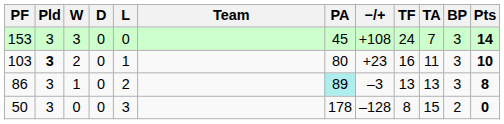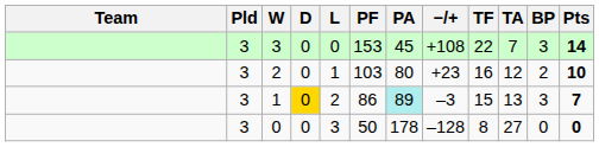 <table class="wikitable" style="text-align:center">
 <tr>
-<th width="20">PF</th>
+<th width="200">Team</th>
 <th width="20">Pld</th>
 <th width="20">W</th>
 <th width="20">D</th>
 <th width="20">L</th>
-<th width="200">Team</th>
+<th width="20">PF</th>
 <th width="20">PA</th>
 <th width="32">−/+</th>
 <th width="20">TF</th>
 <th width="20">TA</th>
 <th width="20">BP</th>
 <th width="20">Pts</th>
 </tr>
 <tr style="background:#ccffcc;">
-<td>153</td>
+<td align=left></td>
 <td>3</td>
 <td>3</td>
 <td>0</td>
 <td>0</td>
-<td align=left></td>
+<td>153</td>
 <td>45</td>
 <td>+108</td>
-<td>24</td>
+<td>22</td>
 <td>7</td>
 <td>3</td>
 <td><strong>14</strong></td>
 </tr>
 <tr>
-<td>103</td>
-<td><strong>3</strong></td>
+<td align="left"></td>
+<td>3</td>
 <td>2</td>
 <td>0</td>
 <td>1</td>
-<td align="left"></td>
+<td>103</td>
 <td>80</td>
 <td>+23</td>
 <td>16</td>
-<td>11</td>
-<td>3</td>
+<td>12</td>
+<td>2</td>
 <td><strong>10</strong></td>
 </tr>
 <tr>
-<td>86</td>
+<td align="left"></td>
 <td>3</td>
 <td>1</td>
-<td>0</td>
+<td style="background: gold;">0</td>
 <td>2</td>
-<td align="left"></td>
+<td>86</td>
 <td style="background: paleturquoise;">89</td>
 <td>–3</td>
-<td>13</td>
+<td>15</td>
 <td>13</td>
 <td>3</td>
-<td><strong>8</strong></td>
+<td><strong>7</strong></td>
 </tr>
 <tr>
-<td>50</td>
+<td align=left></td>
 <td>3</td>
 <td>0</td>
 <td>0</td>
 <td>3</td>
-<td align=left></td>
+<td>50</td>
 <td>178</td>
 <td>–128</td>
 <td>8</td>
-<td>15</td>
-<td>2</td>
+<td>27</td>
+<td>0</td>
 <td><strong>0</strong></td>
 </tr>
 </table>
